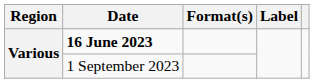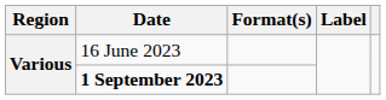 <table class="wikitable plainrowheaders">
 <tr>
 <th scope="col">Region</th>
 <th scope="col">Date</th>
 <th scope="col">Format(s)</th>
 <th scope="col">Label</th>
 <th scope="col"></th>
 </tr>
 <tr>
 <th scope="row" rowspan="2">Various</th>
-<td><strong>16 June 2023</strong></td>
+<td>16 June 2023</td>
 <td></td>
 <td rowspan="2"></td>
 <td rowspan="2"></td>
 </tr>
 <tr>
-<td>1 September 2023</td>
+<td><strong>1 September 2023</strong></td>
 <td></td>
 </tr>
 </table>
